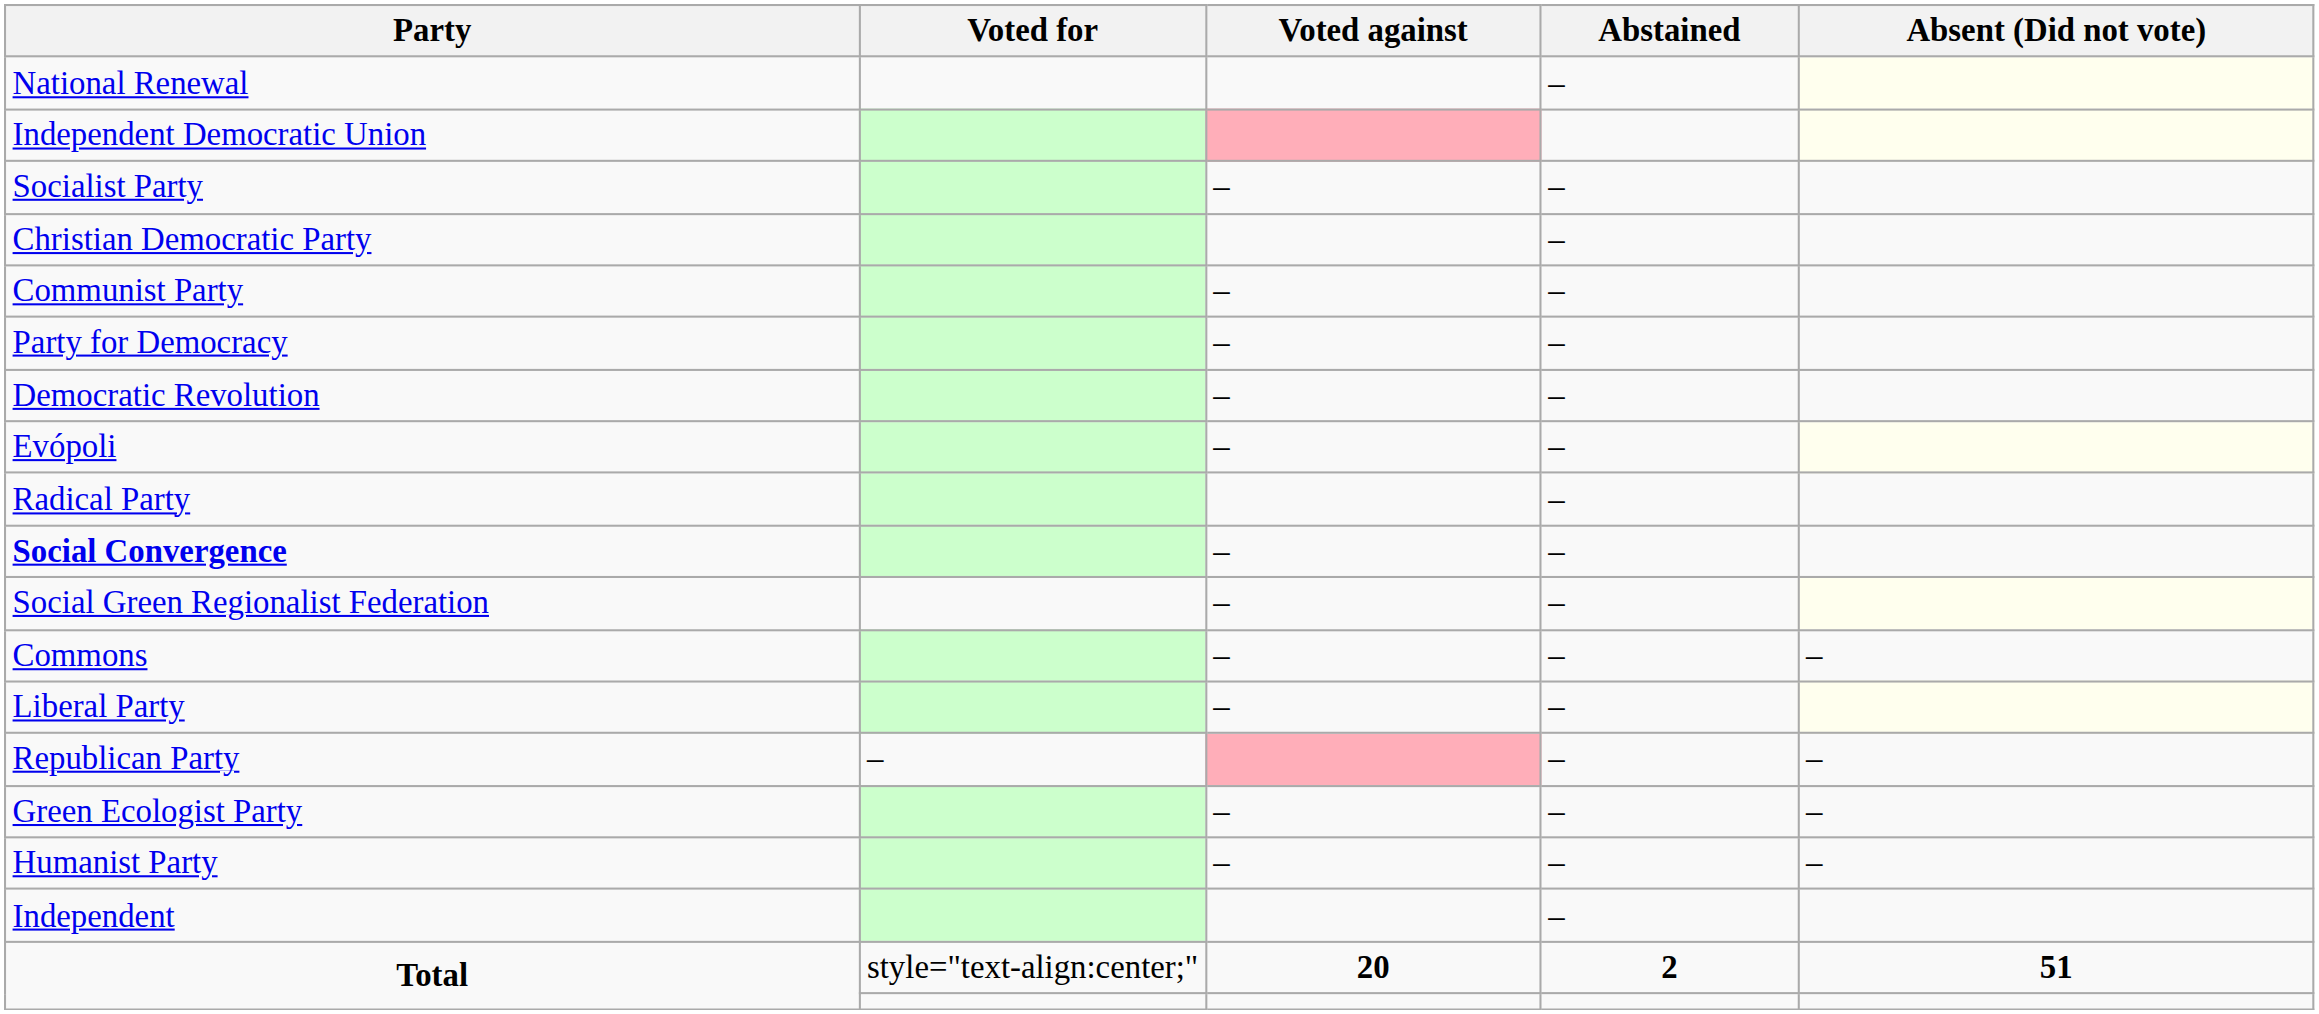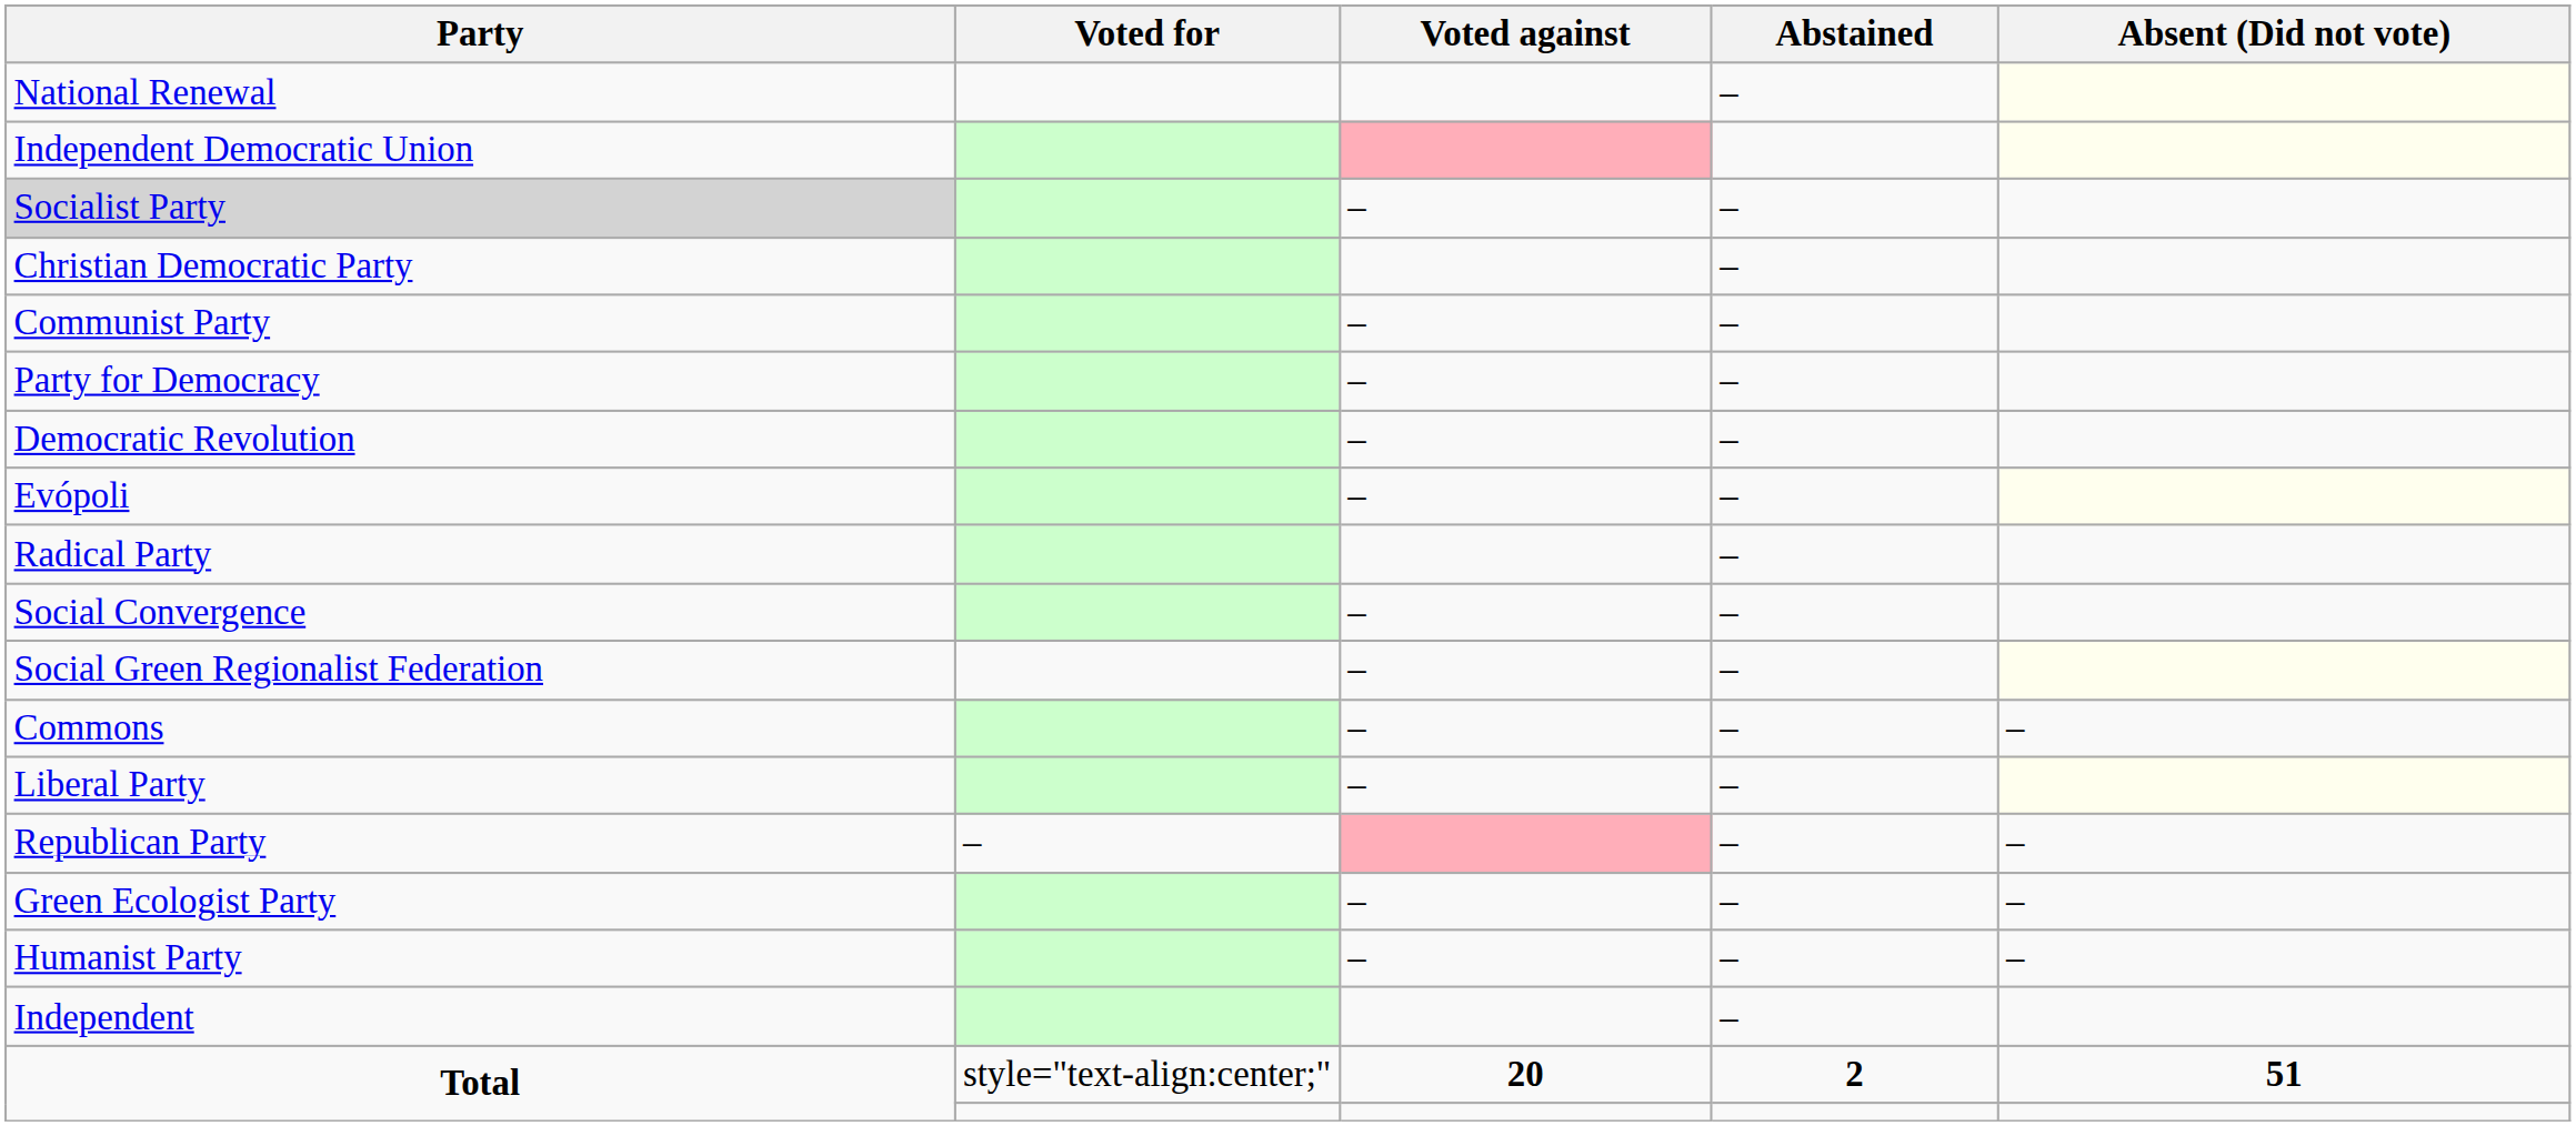 <table class="wikitable">
 <tr>
 <th style="width:37%;">Party</th>
 <th style="width:15%;">Voted for</th>
 <th>Voted against</th>
 <th>Abstained</th>
 <th>Absent (Did not vote)</th>
 </tr>
 <tr>
 <td> <a href='#'>National Renewal</a></td>
 <td></td>
 <td></td>
 <td>–</td>
 <td style="background-color:#FFE;"></td>
 </tr>
 <tr>
 <td> <a href='#'>Independent Democratic Union</a></td>
 <td style="background-color:#CCFFCC;"></td>
 <td style="background-color:#FFAEB9;"></td>
 <td></td>
 <td style="background-color:#FFE;"></td>
 </tr>
 <tr>
-<td> <a href='#'>Socialist Party</a></td>
+<td style="background: lightgrey;"> <a href='#'>Socialist Party</a></td>
 <td style="background-color:#CCFFCC;"></td>
 <td>–</td>
 <td>–</td>
 <td></td>
 </tr>
 <tr>
 <td> <a href='#'>Christian Democratic Party</a></td>
 <td style="background-color:#CCFFCC;"></td>
 <td></td>
 <td>–</td>
 <td></td>
 </tr>
 <tr>
 <td> <a href='#'>Communist Party</a></td>
 <td style="background-color:#CCFFCC;"></td>
 <td>–</td>
 <td>–</td>
 <td></td>
 </tr>
 <tr>
 <td> <a href='#'>Party for Democracy</a></td>
 <td style="background-color:#CCFFCC;"></td>
 <td>–</td>
 <td>–</td>
 <td></td>
 </tr>
 <tr>
 <td> <a href='#'>Democratic Revolution</a></td>
 <td style="background-color:#CCFFCC;"></td>
 <td>–</td>
 <td>–</td>
 <td></td>
 </tr>
 <tr>
 <td> <a href='#'>Evópoli</a></td>
 <td style="background-color:#CCFFCC;"></td>
 <td>–</td>
 <td>–</td>
 <td style="background-color:#FFE;"></td>
 </tr>
 <tr>
 <td> <a href='#'>Radical Party</a></td>
 <td style="background-color:#CCFFCC;"></td>
 <td></td>
 <td>–</td>
 <td></td>
 </tr>
 <tr>
-<td><strong> <a href='#'>Social Convergence</a></strong></td>
+<td> <a href='#'>Social Convergence</a></td>
 <td style="background-color:#CCFFCC;"></td>
 <td>–</td>
 <td>–</td>
 <td></td>
 </tr>
 <tr>
 <td> <a href='#'>Social Green Regionalist Federation</a></td>
 <td></td>
 <td>–</td>
 <td>–</td>
 <td style="background-color:#FFE;"></td>
 </tr>
 <tr>
 <td> <a href='#'>Commons</a></td>
 <td style="background-color:#CCFFCC;"></td>
 <td>–</td>
 <td>–</td>
 <td>–</td>
 </tr>
 <tr>
 <td> <a href='#'>Liberal Party</a></td>
 <td style="background-color:#CCFFCC;"></td>
 <td>–</td>
 <td>–</td>
 <td style="background-color:#FFE;"></td>
 </tr>
 <tr>
 <td> <a href='#'>Republican Party</a></td>
 <td>–</td>
 <td style="background-color:#FFAEB9;"></td>
 <td>–</td>
 <td>–</td>
 </tr>
 <tr>
 <td> <a href='#'>Green Ecologist Party</a></td>
 <td style="background-color:#CCFFCC;"></td>
 <td>–</td>
 <td>–</td>
 <td>–</td>
 </tr>
 <tr>
 <td> <a href='#'>Humanist Party</a></td>
 <td style="background-color:#CCFFCC;"></td>
 <td>–</td>
 <td>–</td>
 <td>–</td>
 </tr>
 <tr>
 <td> <a href='#'>Independent</a></td>
 <td style="background-color:#CCFFCC;"></td>
 <td></td>
 <td>–</td>
 <td></td>
 </tr>
 <tr>
 <td style="text-align:center;" rowspan="2"><strong>Total</strong></td>
 <td>style="text-align:center;" </td>
 <td style="text-align:center;"><strong>20</strong></td>
 <td style="text-align:center;"><strong>2</strong></td>
 <td style="text-align:center;"><strong>51</strong></td>
 </tr>
 <tr>
 <td style="text-align:center;"></td>
 <td style="text-align:center;"></td>
 <td style="text-align:center;"></td>
 <td style="text-align:center;"></td>
 </tr>
 </table>
